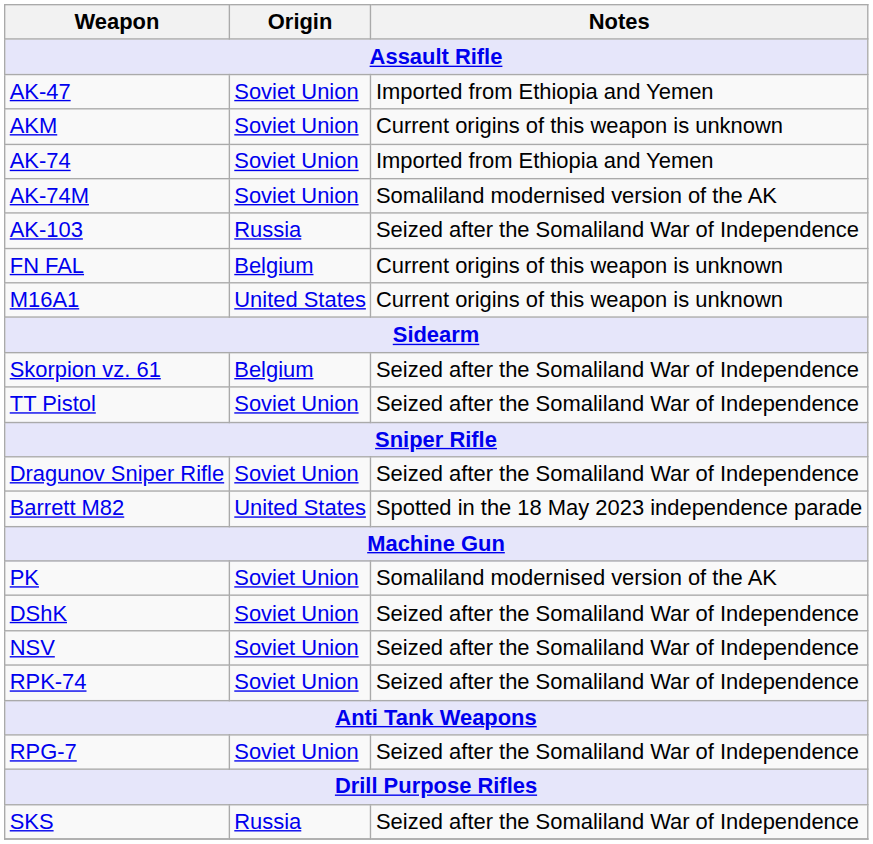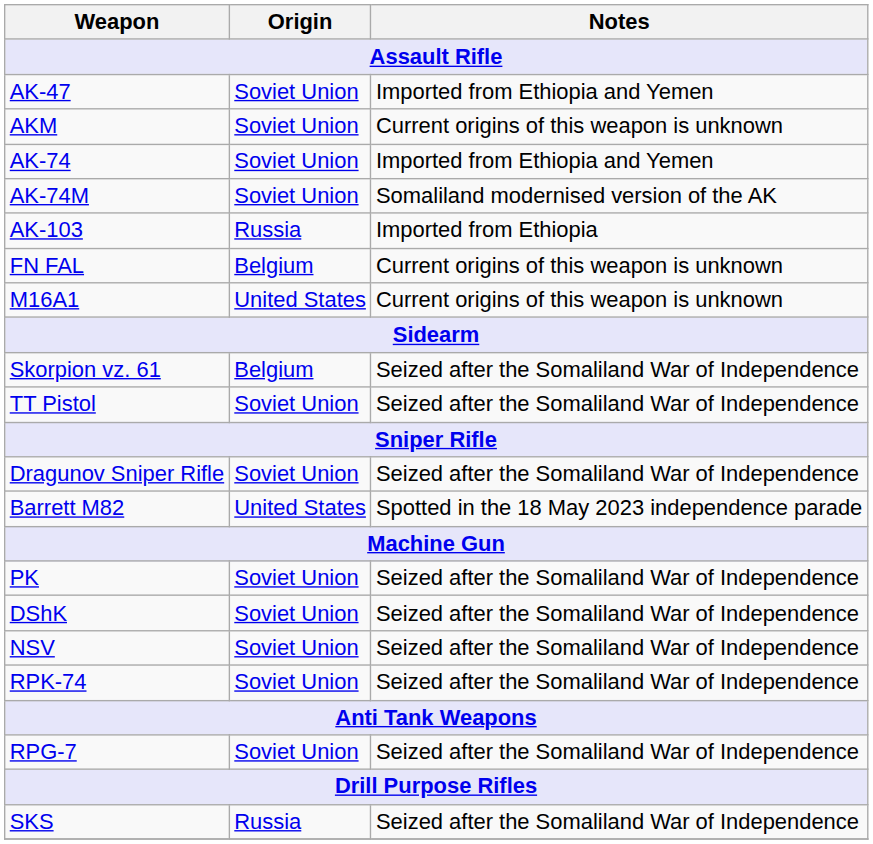 <table class="wikitable">
 <tr>
 <th>Weapon</th>
 <th>Origin</th>
 <th>Notes</th>
 </tr>
 <tr>
 <th colspan="5" style="align: center; background: lavender;"><a href='#'>Assault Rifle</a></th>
 </tr>
 <tr>
 <td><a href='#'>AK-47</a></td>
 <td><a href='#'>Soviet Union</a></td>
 <td>Imported from Ethiopia and Yemen</td>
 </tr>
 <tr>
 <td><a href='#'>AKM</a></td>
 <td><a href='#'>Soviet Union</a></td>
 <td>Current origins of this weapon is unknown</td>
 </tr>
 <tr>
 <td><a href='#'>AK-74</a></td>
 <td><a href='#'>Soviet Union</a></td>
 <td>Imported from Ethiopia and Yemen</td>
 </tr>
 <tr>
 <td><a href='#'>AK-74M</a></td>
 <td><a href='#'>Soviet Union</a></td>
 <td>Somaliland modernised version of the AK</td>
 </tr>
 <tr>
 <td><a href='#'>AK-103</a></td>
 <td><a href='#'>Russia</a></td>
-<td>Seized after the Somaliland War of Independence</td>
+<td>Imported from Ethiopia</td>
 </tr>
 <tr>
 <td><a href='#'>FN FAL</a></td>
 <td><a href='#'>Belgium</a></td>
 <td>Current origins of this weapon is unknown</td>
 </tr>
 <tr>
 <td><a href='#'>M16A1</a></td>
 <td><a href='#'>United States</a></td>
 <td>Current origins of this weapon is unknown</td>
 </tr>
 <tr>
 <th colspan="5" style="align: center; background: lavender;"><a href='#'>Sidearm</a></th>
 </tr>
 <tr>
 <td><a href='#'>Skorpion vz. 61</a></td>
 <td><a href='#'>Belgium</a></td>
 <td>Seized after the Somaliland War of Independence</td>
 </tr>
 <tr>
 <td><a href='#'>TT Pistol</a></td>
 <td><a href='#'>Soviet Union</a></td>
 <td>Seized after the Somaliland War of Independence</td>
 </tr>
 <tr>
 <th colspan="5" style="align: center; background: lavender;"><a href='#'>Sniper Rifle</a></th>
 </tr>
 <tr>
 <td><a href='#'>Dragunov Sniper Rifle</a></td>
 <td><a href='#'>Soviet Union</a></td>
 <td>Seized after the Somaliland War of Independence</td>
 </tr>
 <tr>
 <td><a href='#'>Barrett M82</a></td>
 <td><a href='#'>United States</a></td>
 <td>Spotted in the 18 May 2023 independence parade</td>
 </tr>
 <tr>
 <th colspan="5" style="align: center; background: lavender;"><a href='#'>Machine Gun</a></th>
 </tr>
 <tr>
 <td><a href='#'>PK</a></td>
 <td><a href='#'>Soviet Union</a></td>
-<td>Somaliland modernised version of the AK</td>
+<td>Seized after the Somaliland War of Independence</td>
 </tr>
 <tr>
 <td><a href='#'>DShK</a></td>
 <td><a href='#'>Soviet Union</a></td>
 <td>Seized after the Somaliland War of Independence</td>
 </tr>
 <tr>
 <td><a href='#'>NSV</a></td>
 <td><a href='#'>Soviet Union</a></td>
 <td>Seized after the Somaliland War of Independence</td>
 </tr>
 <tr>
 <td><a href='#'>RPK-74</a></td>
 <td><a href='#'>Soviet Union</a></td>
 <td>Seized after the Somaliland War of Independence</td>
 </tr>
 <tr>
 <th colspan="5" style="align: center; background: lavender;"><a href='#'>Anti Tank Weapons</a></th>
 </tr>
 <tr>
 <td><a href='#'>RPG-7</a></td>
 <td><a href='#'>Soviet Union</a></td>
 <td>Seized after the Somaliland War of Independence</td>
 </tr>
 <tr>
 <th colspan="5" style="align: center; background: lavender;"><a href='#'>Drill Purpose Rifles</a></th>
 </tr>
 <tr>
 <td><a href='#'>SKS</a></td>
 <td><a href='#'>Russia</a></td>
 <td>Seized after the Somaliland War of Independence</td>
 </tr>
 <tr>
 </tr>
 </table>
